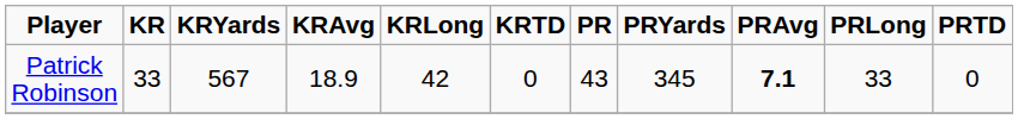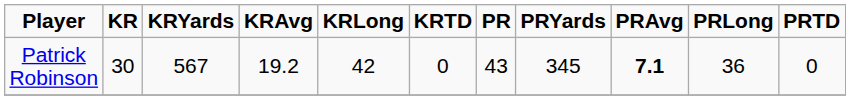 <table class="wikitable" width="80%">
 <tr align="center">
 <td><strong>Player</strong></td>
 <td><strong>KR</strong></td>
 <td><strong>KRYards</strong></td>
 <td><strong>KRAvg</strong></td>
 <td><strong>KRLong</strong></td>
 <td><strong>KRTD</strong></td>
 <td><strong>PR</strong></td>
 <td><strong>PRYards</strong></td>
 <td><strong>PRAvg</strong></td>
 <td><strong>PRLong</strong></td>
 <td><strong>PRTD</strong></td>
 </tr>
 <tr align="center" bgcolor="">
 <td><a href='#'>Patrick Robinson</a></td>
-<td>33</td>
+<td>30</td>
 <td>567</td>
-<td>18.9</td>
+<td>19.2</td>
 <td>42</td>
 <td>0</td>
 <td>43</td>
 <td>345</td>
 <td><strong>7.1</strong></td>
-<td>33</td>
+<td>36</td>
 <td>0</td>
 </tr>
 <tr align="center" bgcolor="">
 </tr>
 </table>
